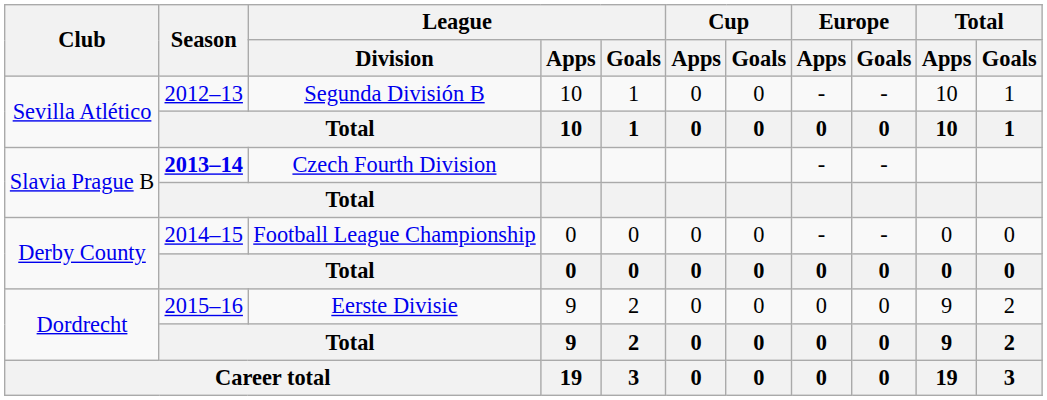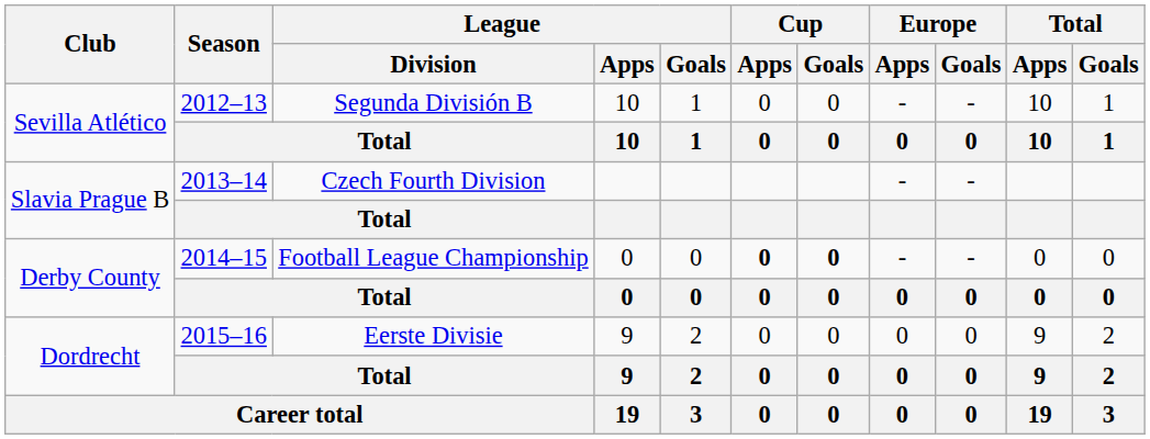 <table class="wikitable" style="text-align: center;">
 <tr>
 <th rowspan=2>Club</th>
 <th rowspan=2>Season</th>
 <th colspan=3>League</th>
 <th colspan=2>Cup</th>
 <th colspan=2>Europe</th>
 <th colspan=2>Total</th>
 </tr>
 <tr>
 <th>Division</th>
 <th>Apps</th>
 <th>Goals</th>
 <th>Apps</th>
 <th>Goals</th>
 <th>Apps</th>
 <th>Goals</th>
 <th>Apps</th>
 <th>Goals</th>
 </tr>
 <tr>
 <td rowspan=2><a href='#'>Sevilla Atlético</a></td>
 <td><a href='#'>2012–13</a></td>
 <td><a href='#'>Segunda División B</a></td>
 <td>10</td>
 <td>1</td>
 <td>0</td>
 <td>0</td>
 <td>-</td>
 <td>-</td>
 <td>10</td>
 <td>1</td>
 </tr>
 <tr>
 <th colspan=2>Total</th>
 <th>10</th>
 <th>1</th>
 <th>0</th>
 <th>0</th>
 <th>0</th>
 <th>0</th>
 <th>10</th>
 <th>1</th>
 </tr>
 <tr>
 <td rowspan=2><a href='#'>Slavia Prague</a> B</td>
-<td><strong><a href='#'>2013–14</a></strong></td>
+<td><a href='#'>2013–14</a></td>
 <td><a href='#'>Czech Fourth Division</a></td>
 <td></td>
 <td></td>
 <td></td>
 <td></td>
 <td>-</td>
 <td>-</td>
 <td></td>
 <td></td>
 </tr>
 <tr>
 <th colspan=2>Total</th>
 <th></th>
 <th></th>
 <th></th>
 <th></th>
 <th></th>
 <th></th>
 <th></th>
 <th></th>
 </tr>
 <tr>
 <td rowspan=2><a href='#'>Derby County</a></td>
 <td><a href='#'>2014–15</a></td>
 <td><a href='#'>Football League Championship</a></td>
 <td>0</td>
 <td>0</td>
-<td>0</td>
-<td>0</td>
+<td><strong>0</strong></td>
+<td><strong>0</strong></td>
 <td>-</td>
 <td>-</td>
 <td>0</td>
 <td>0</td>
 </tr>
 <tr>
 <th colspan=2>Total</th>
 <th>0</th>
 <th>0</th>
 <th>0</th>
 <th>0</th>
 <th>0</th>
 <th>0</th>
 <th>0</th>
 <th>0</th>
 </tr>
 <tr>
 <td rowspan=2><a href='#'>Dordrecht</a></td>
 <td><a href='#'>2015–16</a></td>
 <td><a href='#'>Eerste Divisie</a></td>
 <td>9</td>
 <td>2</td>
 <td>0</td>
 <td>0</td>
 <td>0</td>
 <td>0</td>
 <td>9</td>
 <td>2</td>
 </tr>
 <tr>
 <th colspan=2>Total</th>
 <th>9</th>
 <th>2</th>
 <th>0</th>
 <th>0</th>
 <th>0</th>
 <th>0</th>
 <th>9</th>
 <th>2</th>
 </tr>
 <tr>
 <th colspan=3>Career total</th>
 <th>19</th>
 <th>3</th>
 <th>0</th>
 <th>0</th>
 <th>0</th>
 <th>0</th>
 <th>19</th>
 <th>3</th>
 </tr>
 </table>
